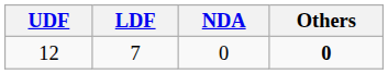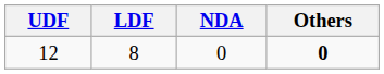 <table class="wikitable" style="text-align:center; width:300px; height:50px">
 <tr>
 <th><a href='#'>UDF</a></th>
 <th><a href='#'>LDF</a></th>
 <th><a href='#'>NDA</a></th>
 <th>Others</th>
 </tr>
 <tr>
 <td style="background:">12</td>
-<td style="background:">7</td>
+<td style="background:">8</td>
 <td style="background:">0</td>
 <td style= width:30%><strong>0</strong></td>
 </tr>
 </table>
